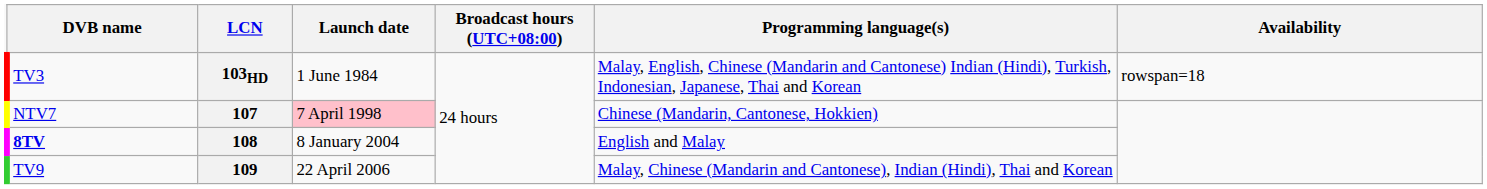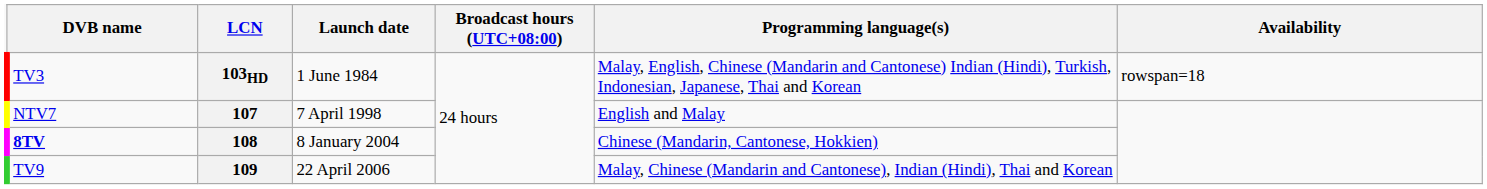 <table class="wikitable" style="font-size:90%; width:100%;">
 <tr>
 <th width="12%">DVB name</th>
 <th width="6%"><a href='#'>LCN</a></th>
 <th width="9%">Launch date</th>
 <th width="10%">Broadcast hours (<a href='#'>UTC+08:00</a>)</th>
 <th width="33%">Programming language(s)</th>
 <th width="23%">Availability</th>
 </tr>
 <tr>
 <td style="border-left: 5px solid red;"><a href='#'>TV3</a></td>
 <th>103<sub>HD</sub></th>
 <td>1 June 1984</td>
 <td rowspan=18>24 hours</td>
 <td><a href='#'>Malay</a>, <a href='#'>English</a>, <a href='#'>Chinese (Mandarin and Cantonese)</a> <a href='#'>Indian (Hindi)</a>, <a href='#'>Turkish</a>, <a href='#'>Indonesian</a>, <a href='#'>Japanese</a>, <a href='#'>Thai</a> and <a href='#'>Korean</a></td>
 <td>rowspan=18 </td>
 </tr>
 <tr>
 <td style="border-left: 5px solid yellow;"><a href='#'>NTV7</a></td>
 <th>107</th>
-<td style="background: pink;">7 April 1998</td>
-<td><a href='#'>Chinese (Mandarin, Cantonese, Hokkien)</a></td>
+<td>7 April 1998</td>
+<td><a href='#'>English</a> and <a href='#'>Malay</a></td>
 </tr>
 <tr>
 <td style="border-left: 5px solid #FF00FF;"><strong><a href='#'>8TV</a></strong></td>
 <th>108</th>
 <td>8 January 2004</td>
-<td><a href='#'>English</a> and <a href='#'>Malay</a></td>
+<td><a href='#'>Chinese (Mandarin, Cantonese, Hokkien)</a></td>
 </tr>
 <tr>
 <td style="border-left: 5px solid limegreen;"><a href='#'>TV9</a></td>
 <th>109</th>
 <td>22 April 2006</td>
 <td><a href='#'>Malay</a>, <a href='#'>Chinese (Mandarin and Cantonese)</a>, <a href='#'>Indian (Hindi)</a>, <a href='#'>Thai</a> and <a href='#'>Korean</a></td>
 </tr>
 </table>
